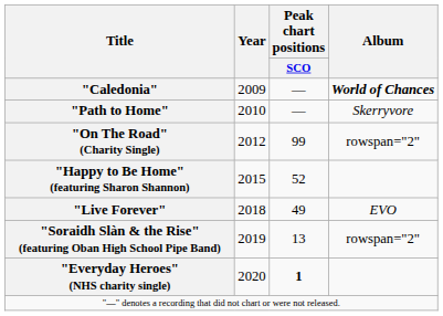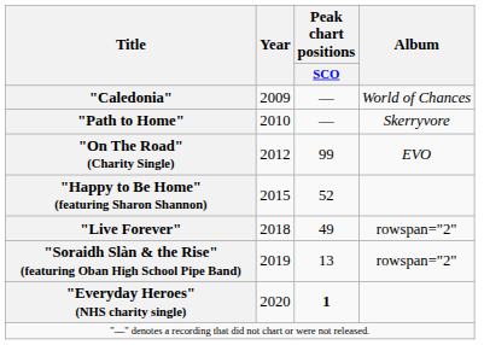 <table class="wikitable plainrowheaders" style="text-align:center;" border="1">
 <tr>
 <th scope="col" rowspan="2" style="width:16em;">Title</th>
 <th scope="col" rowspan="2" style="width:1em;">Year</th>
 <th scope="col" colspan="1">Peak chart positions</th>
 <th scope="col" rowspan="2">Album</th>
 </tr>
 <tr>
 <th scope="col" style="width:3em;font-size:85%;"><a href='#'>SCO</a><br></th>
 </tr>
 <tr>
 <th scope="row">"Caledonia"</th>
 <td>2009</td>
 <td>—</td>
-<td><strong><em>World of Chances</em></strong></td>
+<td><em>World of Chances</em></td>
 </tr>
 <tr>
 <th scope="row">"Path to Home"</th>
 <td>2010</td>
 <td>—</td>
 <td><em>Skerryvore</em></td>
 </tr>
 <tr>
 <th scope="row">"On The Road"<br><small>(Charity Single)</small></th>
 <td>2012</td>
 <td>99</td>
-<td>rowspan="2" </td>
+<td><em>EVO</em></td>
 </tr>
 <tr>
 <th scope="row">"Happy to Be Home"<br><small>(featuring Sharon Shannon)</small></th>
 <td>2015</td>
 <td>52</td>
 </tr>
 <tr>
 <th scope="row">"Live Forever"</th>
 <td>2018</td>
 <td>49</td>
-<td><em>EVO</em></td>
+<td>rowspan="2" </td>
 </tr>
 <tr>
 <th scope="row">"Soraidh Slàn & the Rise"<br><small>(featuring Oban High School Pipe Band)</small></th>
 <td>2019</td>
 <td>13</td>
 <td>rowspan="2" </td>
 </tr>
 <tr>
 <th scope="row">"Everyday Heroes"<br><small>(NHS charity single)</small></th>
 <td>2020</td>
 <td><strong>1</strong></td>
 </tr>
 <tr>
 <td colspan="17" style="text-align:center; font-size:8pt;">"—" denotes a recording that did not chart or were not released.</td>
 </tr>
 </table>
